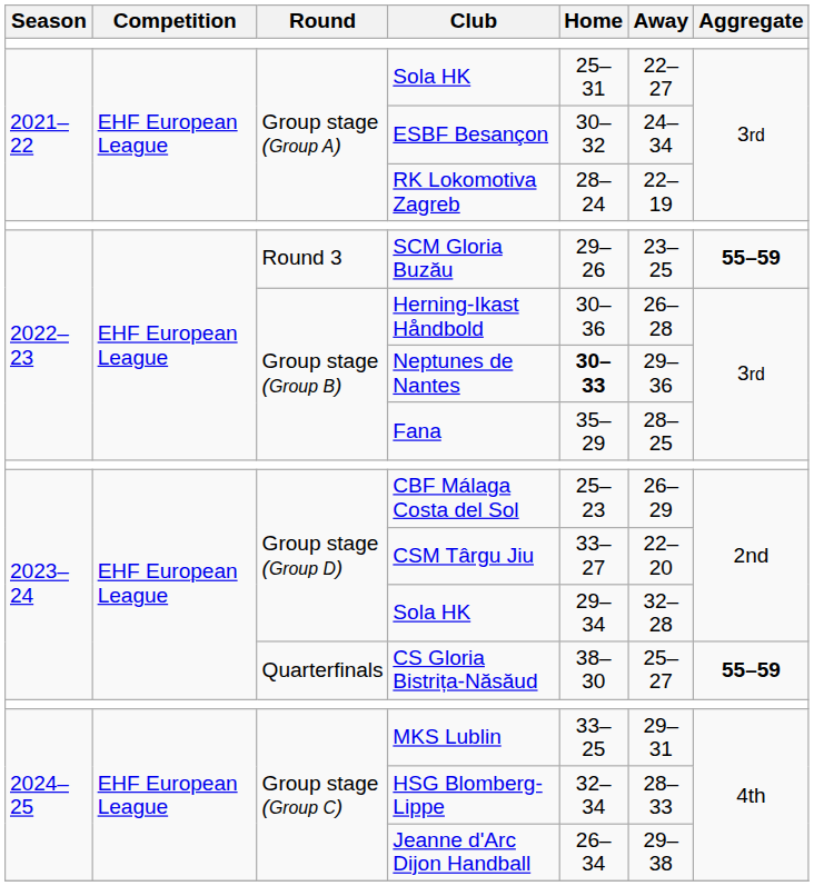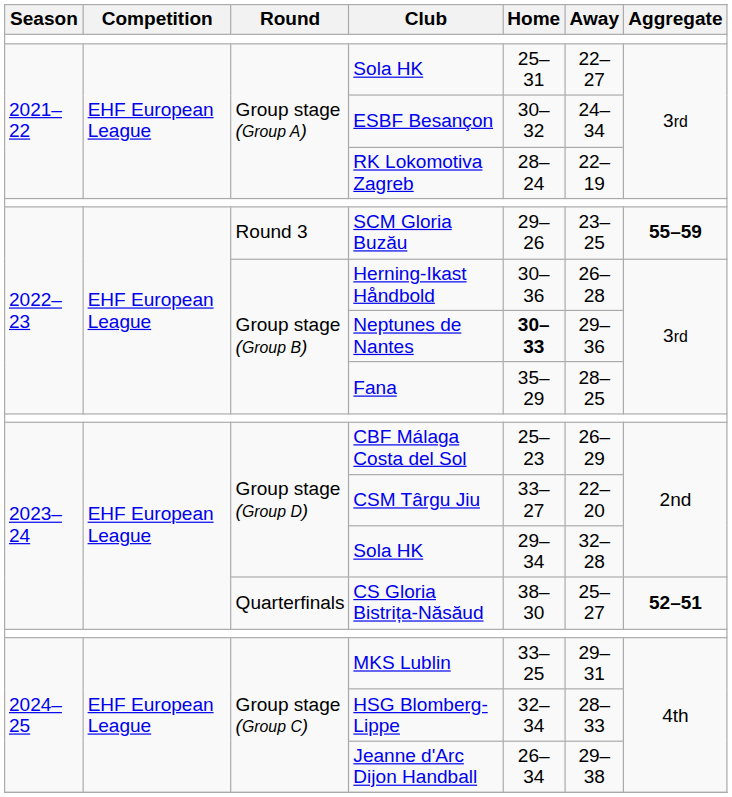 <table class="wikitable" style="text-align: left;">
 <tr>
 <th>Season</th>
 <th>Competition</th>
 <th>Round</th>
 <th>Club</th>
 <th>Home</th>
 <th>Away</th>
 <th>Aggregate</th>
 </tr>
 <tr>
 <td colspan=7 style="text-align: center;" bgcolor=white></td>
 </tr>
 <tr>
 <td rowspan=3><a href='#'>2021–22</a></td>
 <td rowspan=3><a href='#'>EHF European League</a></td>
 <td rowspan=3>Group stage<br><em>(<small>Group A</small>)</em></td>
 <td> <a href='#'>Sola HK</a></td>
 <td style="text-align:center;">25–31</td>
 <td style="text-align:center;">22–27</td>
 <td align=center rowspan=3>3<small>rd</small></td>
 </tr>
 <tr>
 <td> <a href='#'>ESBF Besançon</a></td>
 <td style="text-align:center;">30–32</td>
 <td style="text-align:center;">24–34</td>
 </tr>
 <tr>
 <td> <a href='#'>RK Lokomotiva Zagreb</a></td>
 <td style="text-align:center;">28–24</td>
 <td style="text-align:center;">22–19</td>
 </tr>
 <tr>
 <td colspan=7 style="text-align: center;" bgcolor=white></td>
 </tr>
 <tr>
 <td rowspan=4><a href='#'>2022–23</a></td>
 <td rowspan=4><a href='#'>EHF European League</a></td>
 <td rowspan=1>Round 3</td>
 <td> <a href='#'>SCM Gloria Buzău</a></td>
 <td style="text-align:center;">29–26</td>
 <td style="text-align:center;">23–25</td>
 <td style="text-align:center;"><strong>55–59</strong></td>
 </tr>
 <tr>
 <td rowspan=3>Group stage<br><em>(<small>Group B</small>)</em></td>
 <td> <a href='#'>Herning-Ikast Håndbold</a></td>
 <td style="text-align:center;">30–36</td>
 <td style="text-align:center;">26–28</td>
 <td align=center rowspan=3>3<small>rd</small></td>
 </tr>
 <tr>
 <td> <a href='#'>Neptunes de Nantes</a></td>
 <td style="text-align:center;"><strong>30–33</strong></td>
 <td style="text-align:center;">29–36</td>
 </tr>
 <tr>
 <td> <a href='#'>Fana</a></td>
 <td style="text-align:center;">35–29</td>
 <td style="text-align:center;">28–25</td>
 </tr>
 <tr>
 <td colspan=7 style="text-align: center;" bgcolor=white></td>
 </tr>
 <tr>
 <td rowspan=4><a href='#'>2023–24</a></td>
 <td rowspan=4><a href='#'>EHF European League</a></td>
 <td rowspan=3>Group stage<br><em>(<small>Group D</small>)</em></td>
 <td> <a href='#'>CBF Málaga Costa del Sol</a></td>
 <td style="text-align:center;">25–23</td>
 <td style="text-align:center;">26–29</td>
 <td align=center rowspan=3>2nd</td>
 </tr>
 <tr>
 <td> <a href='#'>CSM Târgu Jiu</a></td>
 <td style="text-align:center;">33–27</td>
 <td style="text-align:center;">22–20</td>
 </tr>
 <tr>
 <td> <a href='#'>Sola HK</a></td>
 <td style="text-align:center;">29–34</td>
 <td style="text-align:center;">32–28</td>
 </tr>
 <tr>
 <td>Quarterfinals</td>
 <td> <a href='#'>CS Gloria Bistrița-Năsăud</a></td>
 <td style="text-align:center;">38–30</td>
 <td style="text-align:center;">25–27</td>
-<td style="text-align:center;"><strong>55–59</strong></td>
+<td style="text-align:center;"><strong>52–51</strong></td>
 </tr>
 <tr>
 <td colspan=7 style="text-align: center;" bgcolor=white></td>
 </tr>
 <tr>
 <td rowspan=3><a href='#'>2024–25</a></td>
 <td rowspan=3><a href='#'>EHF European League</a></td>
 <td rowspan=3>Group stage<br><em>(<small>Group C</small>)</em></td>
 <td> <a href='#'>MKS Lublin</a></td>
 <td style="text-align:center;">33–25</td>
 <td style="text-align:center;">29–31</td>
 <td align=center rowspan=3>4th</td>
 </tr>
 <tr>
 <td> <a href='#'>HSG Blomberg-Lippe</a></td>
 <td style="text-align:center;">32–34</td>
 <td style="text-align:center;">28–33</td>
 </tr>
 <tr>
 <td> <a href='#'>Jeanne d'Arc Dijon Handball</a></td>
 <td style="text-align:center;">26–34</td>
 <td style="text-align:center;">29–38</td>
 </tr>
 <tr>
 </tr>
 </table>
